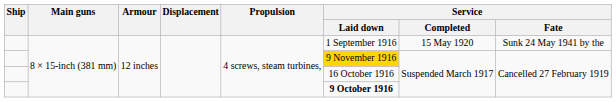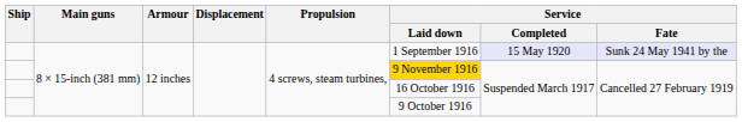 <table class="wikitable">
 <tr valign="top">
 <th align= center rowspan=2>Ship</th>
 <th align= center rowspan=2>Main guns</th>
 <th align= center rowspan=2>Armour</th>
 <th align= center rowspan=2>Displacement</th>
 <th align= center rowspan=2>Propulsion</th>
 <th align= center colspan=3>Service</th>
 </tr>
 <tr valign="top">
 <th align= center>Laid down</th>
 <th align= center>Completed</th>
 <th align= center>Fate</th>
 </tr>
 <tr valign="center">
 <td></td>
 <td align= center rowspan=4>8 × 15-inch (381 mm)</td>
 <td align= center rowspan=4>12 inches</td>
 <td align= center rowspan=4></td>
 <td align= center rowspan=4>4 screws, steam turbines,<br></td>
 <td align=center>1 September 1916</td>
-<td align=center>15 May 1920</td>
-<td align=center>Sunk 24 May 1941 by the </td>
+<td align=center style="background: lavender;">15 May 1920</td>
+<td align=center style="background: lavender;">Sunk 24 May 1941 by the </td>
 </tr>
 <tr valign="center">
 <td></td>
 <td align=center style="background: gold;">9 November 1916</td>
 <td align=center rowspan=3>Suspended March 1917</td>
 <td align=center rowspan=3>Cancelled 27 February 1919</td>
 </tr>
 <tr valign="center">
 <td></td>
 <td align=center>16 October 1916</td>
 </tr>
 <tr valign="center">
 <td></td>
-<td align=center><strong>9 October 1916</strong></td>
+<td align=center>9 October 1916</td>
 </tr>
 </table>
